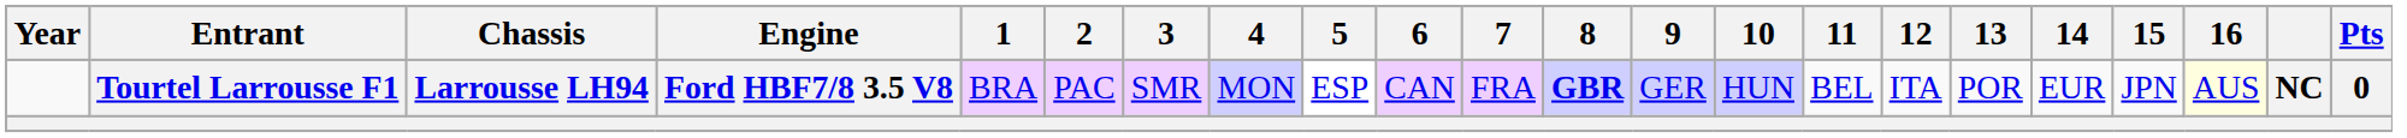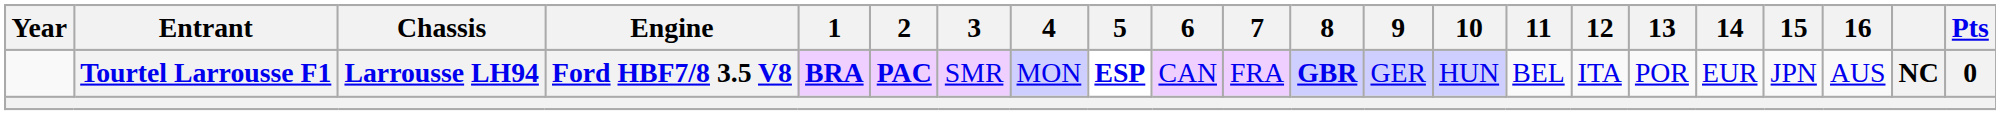 <table class="wikitable" style="text-align:center; font-size:85%">
 <tr>
 <th>Year</th>
 <th>Entrant</th>
 <th>Chassis</th>
 <th>Engine</th>
 <th>1</th>
 <th>2</th>
 <th>3</th>
 <th>4</th>
 <th>5</th>
 <th>6</th>
 <th>7</th>
 <th>8</th>
 <th>9</th>
 <th>10</th>
 <th>11</th>
 <th>12</th>
 <th>13</th>
 <th>14</th>
 <th>15</th>
 <th>16</th>
 <th></th>
 <th><a href='#'>Pts</a></th>
 </tr>
 <tr>
 <td></td>
 <th nowrap><a href='#'>Tourtel Larrousse F1</a></th>
 <th nowrap><a href='#'>Larrousse</a> <a href='#'>LH94</a></th>
 <th nowrap><a href='#'>Ford</a> <a href='#'>HBF7/8</a> 3.5 <a href='#'>V8</a></th>
-<td style="background:#EFCFFF;"><a href='#'>BRA</a><br></td>
-<td style="background:#EFCFFF;"><a href='#'>PAC</a><br></td>
+<td style="background:#EFCFFF;"><strong><a href='#'>BRA</a><br></strong></td>
+<td style="background:#EFCFFF;"><strong><a href='#'>PAC</a><br></strong></td>
 <td style="background:#EFCFFF;"><a href='#'>SMR</a><br></td>
 <td style="background:#CFCFFF;"><a href='#'>MON</a><br></td>
-<td style="background:white;"><a href='#'>ESP</a><br></td>
+<td style="background:white;"><strong><a href='#'>ESP</a><br></strong></td>
 <td style="background:#EFCFFF;"><a href='#'>CAN</a><br></td>
 <td style="background:#EFCFFF;"><a href='#'>FRA</a><br></td>
 <td style="background:#CFCFFF;"><strong><a href='#'>GBR</a><br></strong></td>
 <td style="background:#CFCFFF;"><a href='#'>GER</a><br></td>
 <td style="background:#CFCFFF;"><a href='#'>HUN</a><br></td>
 <td><a href='#'>BEL</a></td>
 <td><a href='#'>ITA</a></td>
 <td><a href='#'>POR</a></td>
 <td><a href='#'>EUR</a></td>
 <td><a href='#'>JPN</a></td>
-<td style="background: lightyellow;"><a href='#'>AUS</a></td>
+<td><a href='#'>AUS</a></td>
 <th>NC</th>
 <th>0</th>
 </tr>
 <tr>
 <th colspan="22"></th>
 </tr>
 </table>
